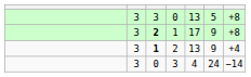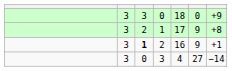 <table class=wikitable style=text-align:center>
 <tr>
 <th width=160></th>
 <th width=20></th>
 <th width=20></th>
 <th width=20></th>
 <th width=20></th>
 <th width=20></th>
 <th width=20></th>
 </tr>
 <tr style="background-color:#ccffcc">
 <td style="text-align:left;"></td>
 <td>3</td>
 <td>3</td>
 <td>0</td>
-<td>13</td>
-<td>5</td>
-<td>+8</td>
+<td>18</td>
+<td>0</td>
+<td>+9</td>
 </tr>
 <tr style="background-color:#ccffcc">
 <td style="text-align:left;"></td>
 <td>3</td>
-<td><strong>2</strong></td>
+<td>2</td>
 <td>1</td>
 <td>17</td>
 <td>9</td>
 <td>+8</td>
 </tr>
 <tr>
 <td style="text-align:left;"></td>
 <td>3</td>
 <td><strong>1</strong></td>
 <td>2</td>
-<td>13</td>
+<td>16</td>
 <td>9</td>
-<td>+4</td>
+<td>+1</td>
 </tr>
 <tr>
 <td style="text-align:left;"></td>
 <td>3</td>
 <td>0</td>
 <td>3</td>
 <td>4</td>
-<td>24</td>
+<td>27</td>
 <td>−14</td>
 </tr>
 </table>
